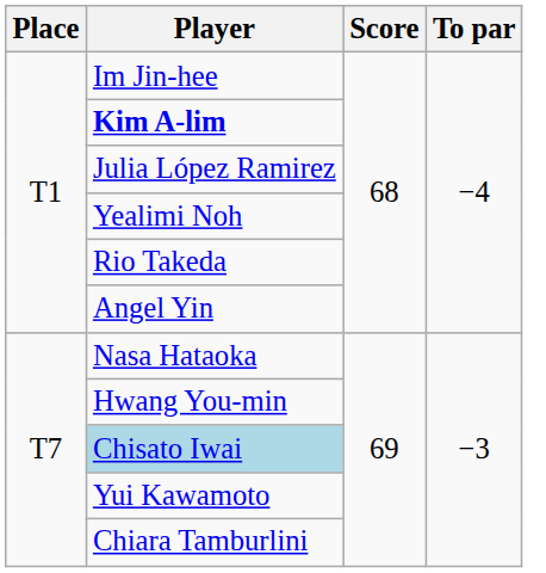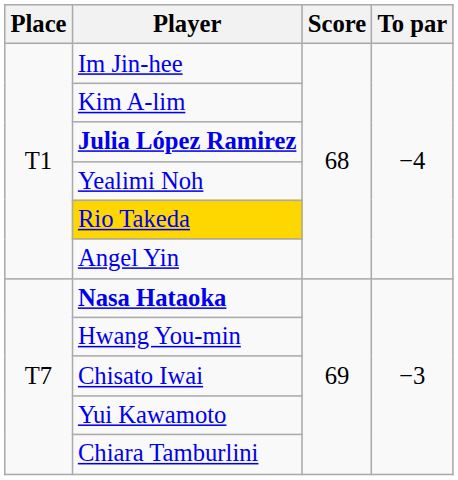 <table class="wikitable">
 <tr>
 <th>Place</th>
 <th>Player</th>
 <th>Score</th>
 <th>To par</th>
 </tr>
 <tr>
 <td rowspan=6 align=center>T1</td>
 <td> <a href='#'>Im Jin-hee</a></td>
 <td rowspan=6 align=center>68</td>
 <td rowspan=6 align=center>−4</td>
 </tr>
 <tr>
-<td><strong> <a href='#'>Kim A-lim</a></strong></td>
+<td> <a href='#'>Kim A-lim</a></td>
 </tr>
 <tr>
-<td> <a href='#'>Julia López Ramirez</a></td>
+<td><strong> <a href='#'>Julia López Ramirez</a></strong></td>
 </tr>
 <tr>
 <td> <a href='#'>Yealimi Noh</a></td>
 </tr>
 <tr>
-<td> <a href='#'>Rio Takeda</a></td>
+<td style="background: gold;"> <a href='#'>Rio Takeda</a></td>
 </tr>
 <tr>
 <td> <a href='#'>Angel Yin</a></td>
 </tr>
 <tr>
 <td rowspan=5 align=center>T7</td>
-<td> <a href='#'>Nasa Hataoka</a></td>
+<td><strong> <a href='#'>Nasa Hataoka</a></strong></td>
 <td rowspan=5 align=center>69</td>
 <td rowspan=5 align=center>−3</td>
 </tr>
 <tr>
 <td> <a href='#'>Hwang You-min</a></td>
 </tr>
 <tr>
-<td style="background: lightblue;"> <a href='#'>Chisato Iwai</a></td>
+<td> <a href='#'>Chisato Iwai</a></td>
 </tr>
 <tr>
 <td> <a href='#'>Yui Kawamoto</a></td>
 </tr>
 <tr>
 <td> <a href='#'>Chiara Tamburlini</a></td>
 </tr>
 </table>
